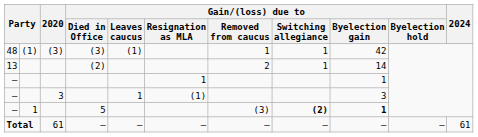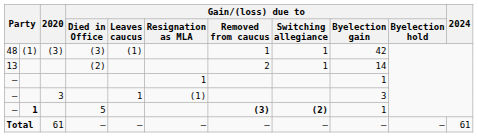 <table class="wikitable plainrowheaders" style="text-align:right">
 <tr>
 <th rowspan="2" colspan="2">Party</th>
 <th rowspan="2">2020</th>
 <th colspan="7">Gain/(loss) due to</th>
 <th rowspan="2">2024</th>
 </tr>
 <tr>
 <th>Died in<br>Office</th>
 <th>Leaves<br>caucus</th>
 <th>Resignation<br>as MLA</th>
 <th>Removed<br>from caucus</th>
 <th>Switching<br>allegiance</th>
 <th>Byelection<br>gain</th>
 <th>Byelection<br>hold</th>
 </tr>
 <tr>
 <td>48</td>
 <td>(1)</td>
 <td>(3)</td>
 <td>(3)</td>
 <td>(1)</td>
 <td></td>
 <td>1</td>
 <td>1</td>
 <td>42</td>
 </tr>
 <tr>
 <td>13</td>
 <td></td>
 <td></td>
 <td>(2)</td>
 <td></td>
 <td></td>
 <td>2</td>
 <td>1</td>
 <td>14</td>
 </tr>
 <tr>
 <td>–</td>
 <td></td>
 <td></td>
 <td></td>
 <td></td>
 <td>1</td>
 <td></td>
 <td></td>
 <td>1</td>
 </tr>
 <tr>
 <td>–</td>
 <td></td>
 <td>3</td>
 <td></td>
 <td>1</td>
 <td>(1)</td>
 <td></td>
 <td></td>
 <td>3</td>
 </tr>
 <tr>
 <td>–</td>
-<td>1</td>
+<td><strong>1</strong></td>
 <td></td>
 <td>5</td>
 <td></td>
 <td></td>
-<td>(3)</td>
+<td><strong>(3)</strong></td>
 <td><strong>(2)</strong></td>
-<td><strong>1</strong></td>
+<td>1</td>
 </tr>
 <tr>
 <td colspan="2" style="text-align:left;"><strong>Total</strong></td>
 <td>61</td>
 <td>–</td>
 <td>–</td>
 <td>–</td>
 <td>–</td>
 <td>–</td>
 <td>–</td>
 <td>–</td>
 <td>61</td>
 </tr>
 </table>
